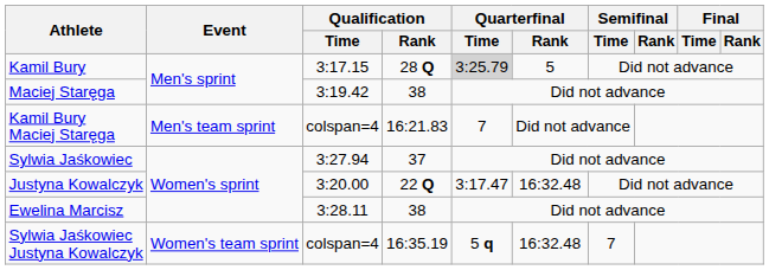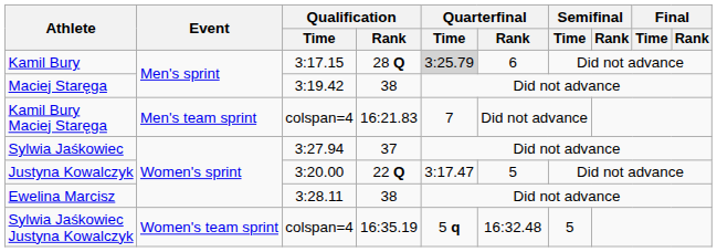 <table class="wikitable" style="font-size:90%">
 <tr>
 <th rowspan="2">Athlete</th>
 <th rowspan="2">Event</th>
 <th colspan="2">Qualification</th>
 <th colspan="2">Quarterfinal</th>
 <th colspan="2">Semifinal</th>
 <th colspan="2">Final</th>
 </tr>
 <tr style="font-size:95%">
 <th>Time</th>
 <th>Rank</th>
 <th>Time</th>
 <th>Rank</th>
 <th>Time</th>
 <th>Rank</th>
 <th>Time</th>
 <th>Rank</th>
 </tr>
 <tr align=center>
 <td align=left><a href='#'>Kamil Bury</a></td>
 <td align=left rowspan=2><a href='#'>Men's sprint</a></td>
 <td>3:17.15</td>
 <td>28 <strong>Q</strong></td>
 <td style="background: lightgrey;">3:25.79</td>
-<td>5</td>
+<td>6</td>
 <td colspan=4>Did not advance</td>
 </tr>
 <tr align=center>
 <td align=left><a href='#'>Maciej Staręga</a></td>
 <td>3:19.42</td>
 <td>38</td>
 <td colspan=6>Did not advance</td>
 </tr>
 <tr align=center>
 <td align=left><a href='#'>Kamil Bury</a><br><a href='#'>Maciej Staręga</a></td>
 <td align=left><a href='#'>Men's team sprint</a></td>
 <td>colspan=4 </td>
 <td>16:21.83</td>
 <td>7</td>
 <td colspan=2>Did not advance</td>
 </tr>
 <tr align=center>
 <td align=left><a href='#'>Sylwia Jaśkowiec</a></td>
 <td align=left rowspan=3><a href='#'>Women's sprint</a></td>
 <td>3:27.94</td>
 <td>37</td>
 <td colspan=6>Did not advance</td>
 </tr>
 <tr align=center>
 <td align=left><a href='#'>Justyna Kowalczyk</a></td>
 <td>3:20.00</td>
 <td>22 <strong>Q</strong></td>
 <td>3:17.47</td>
-<td>16:32.48</td>
+<td>5</td>
 <td colspan=4>Did not advance</td>
 </tr>
 <tr align=center>
 <td align=left><a href='#'>Ewelina Marcisz</a></td>
 <td>3:28.11</td>
 <td>38</td>
 <td colspan=6>Did not advance</td>
 </tr>
 <tr align=center>
 <td align=left><a href='#'>Sylwia Jaśkowiec</a><br><a href='#'>Justyna Kowalczyk</a></td>
 <td align=left><a href='#'>Women's team sprint</a></td>
 <td>colspan=4 </td>
 <td>16:35.19</td>
 <td>5 <strong>q</strong></td>
 <td>16:32.48</td>
-<td>7</td>
+<td>5</td>
 </tr>
 </table>
